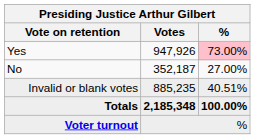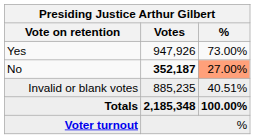 <table class="wikitable" style="font-size: 95%;">
 <tr style="background-color:#E9E9E9">
 <th colspan=7>Presiding Justice Arthur Gilbert</th>
 </tr>
 <tr style="background-color:#E9E9E9">
 <th style="width: 170px">Vote on retention</th>
 <th style="width: 50px">Votes</th>
 <th style="width: 40px">%</th>
 </tr>
 <tr>
 <td>Yes</td>
 <td align="right">947,926</td>
-<td align="right" style="background: pink;">73.00%</td>
+<td align="right">73.00%</td>
 </tr>
 <tr>
 <td>No</td>
-<td align="right">352,187</td>
-<td align="right">27.00%</td>
+<td align="right"><strong>352,187</strong></td>
+<td align="right" style="background: lightsalmon;">27.00%</td>
 </tr>
 <tr bgcolor="#EEEEEE">
 <td align="right">Invalid or blank votes</td>
 <td align="right">885,235</td>
 <td align="right">40.51%</td>
 </tr>
 <tr bgcolor="#EEEEEE">
 <td align="right"><strong>Totals</strong></td>
 <td align="right"><strong>2,185,348</strong></td>
 <td align="right"><strong>100.00%</strong></td>
 </tr>
 <tr bgcolor="#EEEEEE">
 <td align="right"><strong><a href='#'>Voter turnout</a></strong></td>
 <td colspan="2" align="right">%</td>
 </tr>
 </table>
